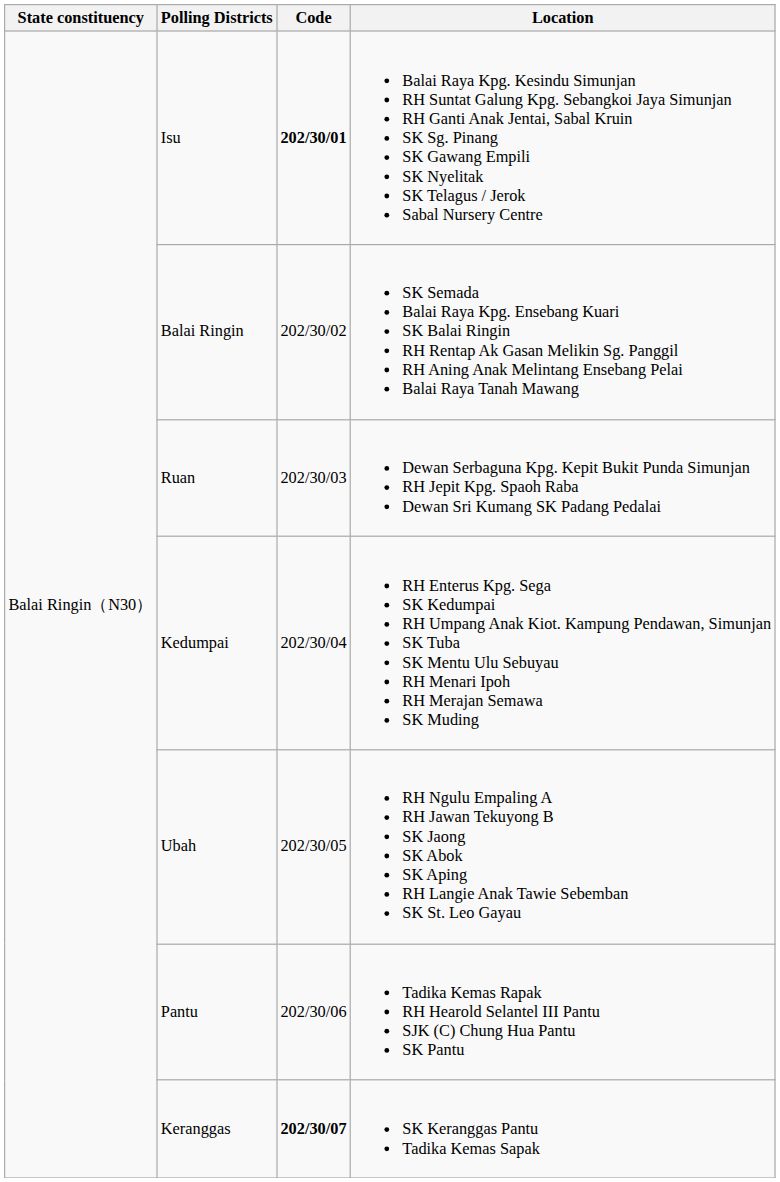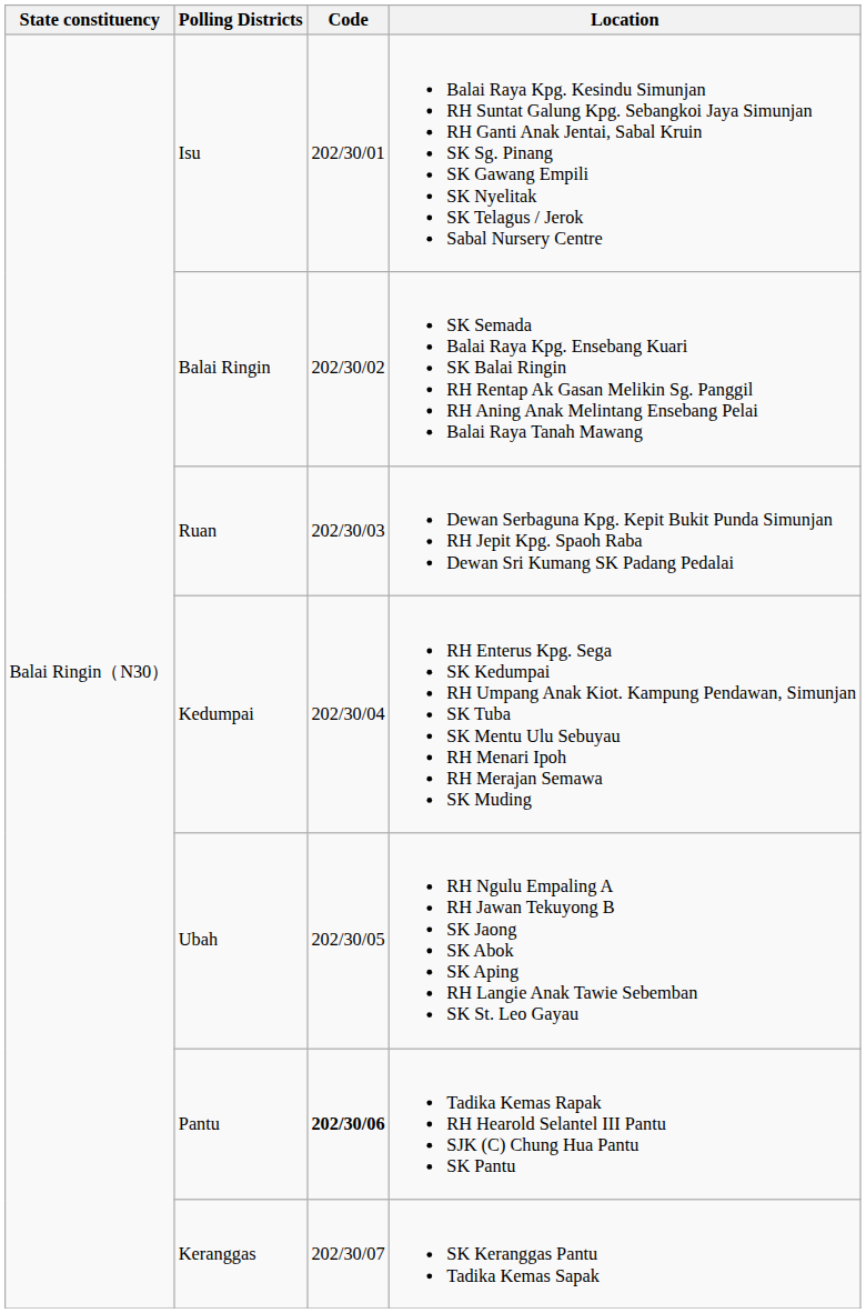 <table class="wikitable sortable mw-collapsible" style="white-space:nowrap;font-size:85%">
 <tr>
 <th>State constituency</th>
 <th>Polling Districts</th>
 <th>Code</th>
 <th>Location</th>
 </tr>
 <tr>
 <td rowspan="7">Balai Ringin（N30）</td>
 <td>Isu</td>
-<td><strong>202/30/01</strong></td>
+<td>202/30/01</td>
 <td><br><ul><li>Balai Raya Kpg. Kesindu Simunjan</li><li>RH Suntat Galung Kpg. Sebangkoi Jaya Simunjan</li><li>RH Ganti Anak Jentai, Sabal Kruin</li><li>SK Sg. Pinang</li><li>SK Gawang Empili</li><li>SK Nyelitak</li><li>SK Telagus / Jerok</li><li>Sabal Nursery Centre</li></ul></td>
 </tr>
 <tr>
 <td>Balai Ringin</td>
 <td>202/30/02</td>
 <td><br><ul><li>SK Semada</li><li>Balai Raya Kpg. Ensebang Kuari</li><li>SK Balai Ringin</li><li>RH Rentap Ak Gasan Melikin Sg. Panggil</li><li>RH Aning Anak Melintang Ensebang Pelai</li><li>Balai Raya Tanah Mawang</li></ul></td>
 </tr>
 <tr>
 <td>Ruan</td>
 <td>202/30/03</td>
 <td><br><ul><li>Dewan Serbaguna Kpg. Kepit Bukit Punda Simunjan</li><li>RH Jepit Kpg. Spaoh Raba</li><li>Dewan Sri Kumang SK Padang Pedalai</li></ul></td>
 </tr>
 <tr>
 <td>Kedumpai</td>
 <td>202/30/04</td>
 <td><br><ul><li>RH Enterus Kpg. Sega</li><li>SK Kedumpai</li><li>RH Umpang Anak Kiot. Kampung Pendawan, Simunjan</li><li>SK Tuba</li><li>SK Mentu Ulu Sebuyau</li><li>RH Menari Ipoh</li><li>RH Merajan Semawa</li><li>SK Muding</li></ul></td>
 </tr>
 <tr>
 <td>Ubah</td>
 <td>202/30/05</td>
 <td><br><ul><li>RH Ngulu Empaling A</li><li>RH Jawan Tekuyong B</li><li>SK Jaong</li><li>SK Abok</li><li>SK Aping</li><li>RH Langie Anak Tawie Sebemban</li><li>SK St. Leo Gayau</li></ul></td>
 </tr>
 <tr>
 <td>Pantu</td>
-<td>202/30/06</td>
+<td><strong>202/30/06</strong></td>
 <td><br><ul><li>Tadika Kemas Rapak</li><li>RH Hearold Selantel III Pantu</li><li>SJK (C) Chung Hua Pantu</li><li>SK Pantu</li></ul></td>
 </tr>
 <tr>
 <td>Keranggas</td>
-<td><strong>202/30/07</strong></td>
+<td>202/30/07</td>
 <td><br><ul><li>SK Keranggas Pantu</li><li>Tadika Kemas Sapak</li></ul></td>
 </tr>
 <tr>
 </tr>
 </table>
